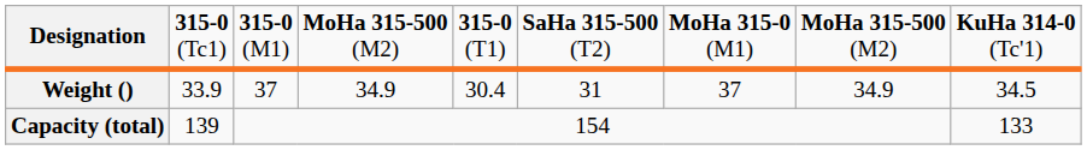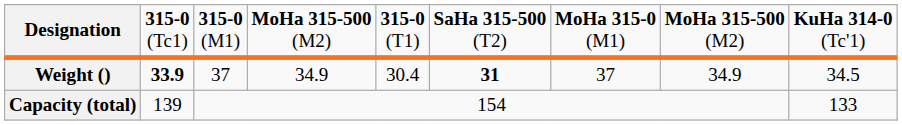 <table class="wikitable" style="text-align:center">
 <tr style="border-bottom: 4px solid #F77321">
 <th>Designation</th>
 <td><strong> 315-0</strong><br>(Tc1)</td>
 <td><strong> 315-0</strong><br>(M1)</td>
 <td><strong>MoHa 315-500</strong><br>(M2)</td>
 <td><strong> 315-0</strong><br>(T1)</td>
 <td><strong>SaHa 315-500</strong><br>(T2)</td>
 <td><strong>MoHa 315-0</strong><br>(M1)</td>
 <td><strong>MoHa 315-500</strong><br>(M2)</td>
 <td><strong>KuHa 314-0</strong><br>(Tc'1)</td>
 </tr>
 <tr>
 <th>Weight ()</th>
-<td>33.9</td>
+<td><strong>33.9</strong></td>
 <td>37</td>
 <td>34.9</td>
 <td>30.4</td>
-<td>31</td>
+<td><strong>31</strong></td>
 <td>37</td>
 <td>34.9</td>
 <td>34.5</td>
 </tr>
 <tr>
 <th>Capacity (total)</th>
 <td>139</td>
 <td colspan="6">154</td>
 <td>133</td>
 </tr>
 </table>
